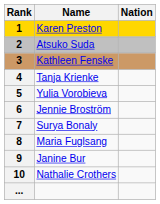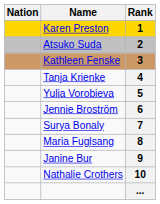 <table class="wikitable">
 <tr>
+<th>Nation</th>
+<th>Name</th>
 <th>Rank</th>
-<th>Name</th>
-<th>Nation</th>
 </tr>
 <tr bgcolor="gold">
+<td></td>
+<td><a href='#'>Karen Preston</a></td>
 <td align="center"><strong>1</strong></td>
-<td><a href='#'>Karen Preston</a></td>
-<td></td>
 </tr>
 <tr bgcolor="silver">
+<td></td>
+<td><a href='#'>Atsuko Suda</a></td>
 <td align="center"><strong>2</strong></td>
-<td><a href='#'>Atsuko Suda</a></td>
-<td></td>
 </tr>
 <tr bgcolor="cc9966">
+<td></td>
+<td><a href='#'>Kathleen Fenske</a></td>
 <td align="center"><strong>3</strong></td>
-<td><a href='#'>Kathleen Fenske</a></td>
-<td></td>
 </tr>
 <tr>
+<td></td>
+<td><a href='#'>Tanja Krienke</a></td>
 <th>4</th>
-<td><a href='#'>Tanja Krienke</a></td>
-<td></td>
 </tr>
 <tr>
+<td></td>
+<td><a href='#'>Yulia Vorobieva</a></td>
 <th>5</th>
-<td><a href='#'>Yulia Vorobieva</a></td>
-<td></td>
 </tr>
 <tr>
+<td></td>
+<td><a href='#'>Jennie Broström</a></td>
 <th>6</th>
-<td><a href='#'>Jennie Broström</a></td>
-<td></td>
 </tr>
 <tr>
+<td></td>
+<td><a href='#'>Surya Bonaly</a></td>
 <th>7</th>
-<td><a href='#'>Surya Bonaly</a></td>
-<td></td>
 </tr>
 <tr>
+<td></td>
+<td><a href='#'>Maria Fuglsang</a></td>
 <th>8</th>
-<td><a href='#'>Maria Fuglsang</a></td>
-<td></td>
 </tr>
 <tr>
+<td></td>
+<td><a href='#'>Janine Bur</a></td>
 <th>9</th>
-<td><a href='#'>Janine Bur</a></td>
-<td></td>
 </tr>
 <tr>
+<td></td>
+<td><a href='#'>Nathalie Crothers</a></td>
 <th>10</th>
-<td><a href='#'>Nathalie Crothers</a></td>
-<td></td>
 </tr>
 <tr>
-<th>...</th>
 <td></td>
 <td></td>
+<th>...</th>
 </tr>
 </table>
